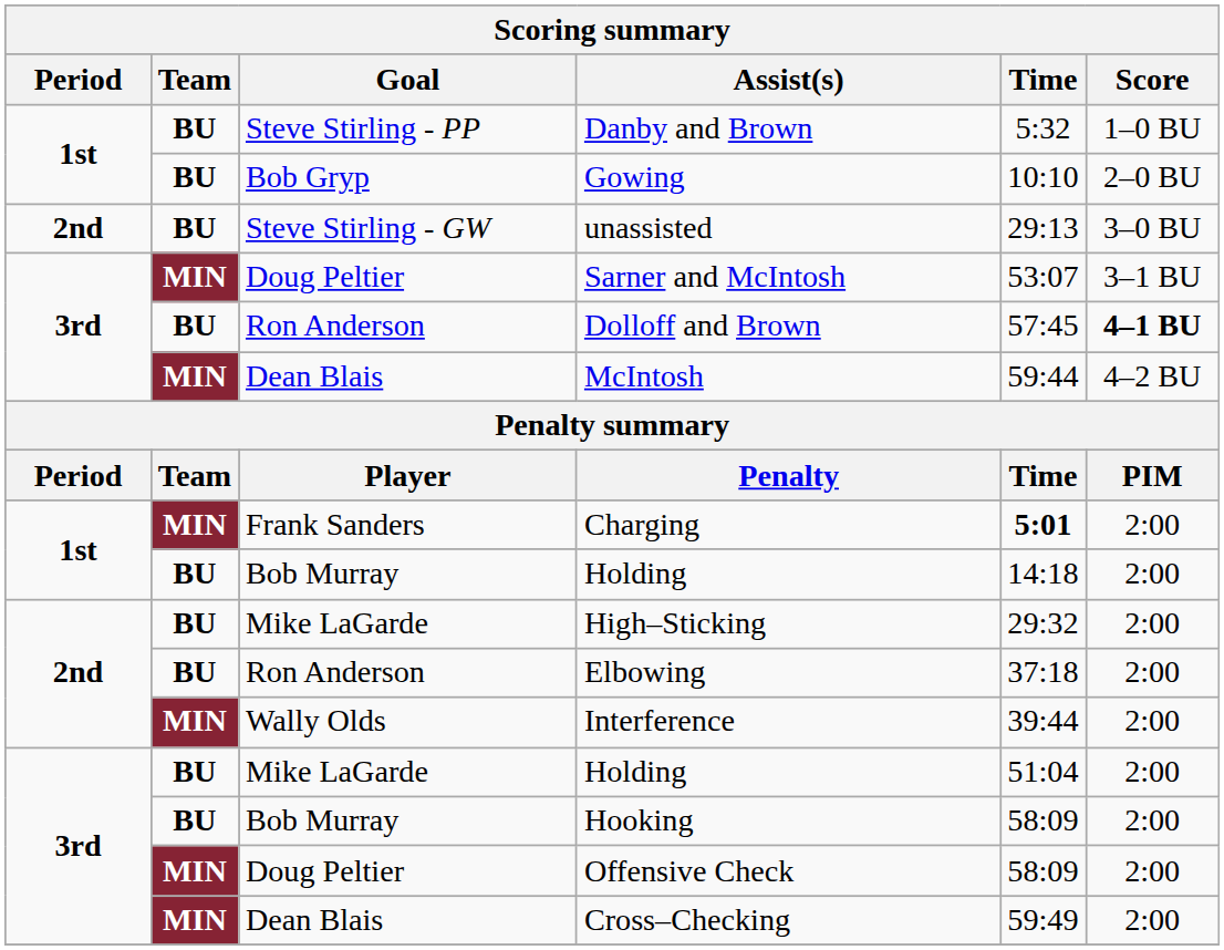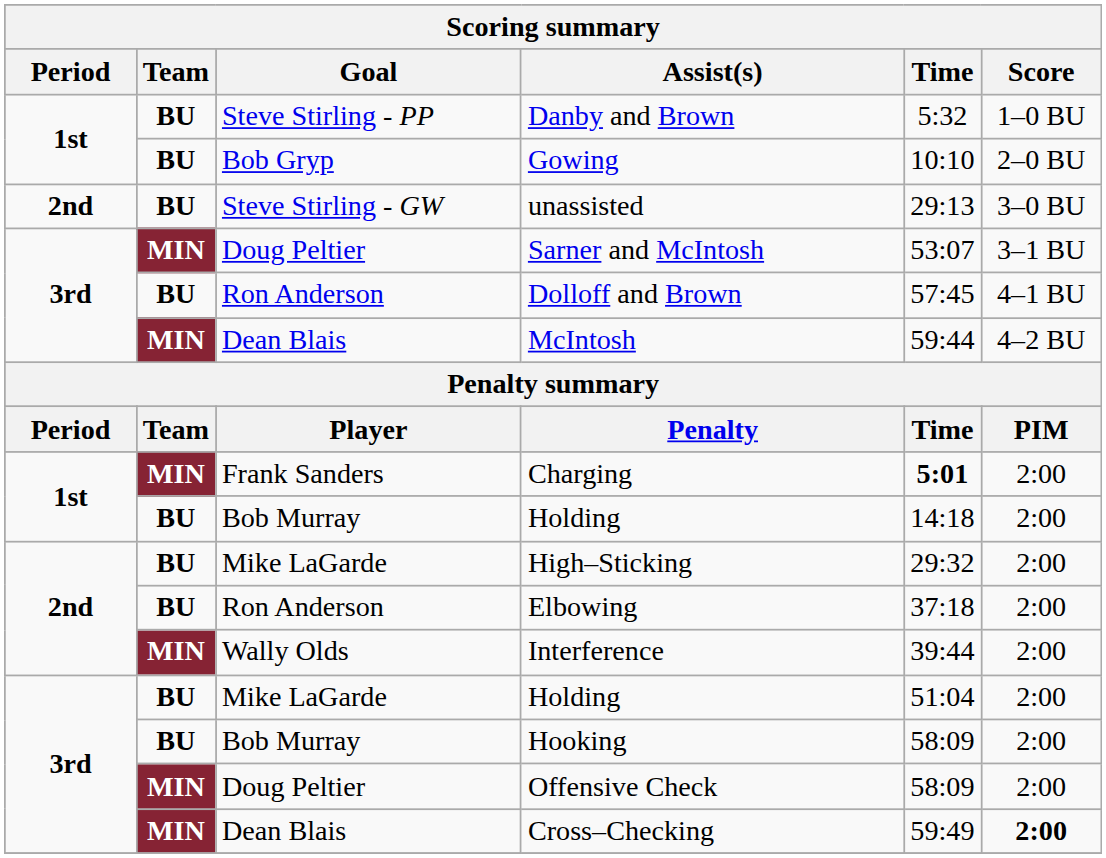 <table style="width:100%;" class="wikitable">
 <tr>
 <th colspan=6>Scoring summary</th>
 </tr>
 <tr>
 <th style="width:12%;">Period</th>
 <th style="width:7%;">Team</th>
 <th style="width:28%;">Goal</th>
 <th style="width:35%;">Assist(s)</th>
 <th style="width:7%;">Time</th>
 <th style="width:11%;">Score</th>
 </tr>
 <tr>
 <td style="text-align:center;" rowspan="2"><strong>1st</strong></td>
 <td align=center><strong>BU</strong></td>
 <td><a href='#'>Steve Stirling</a> - <em>PP</em></td>
 <td><a href='#'>Danby</a> and <a href='#'>Brown</a></td>
 <td align=center>5:32</td>
 <td align=center>1–0 BU</td>
 </tr>
 <tr>
 <td align=center><strong>BU</strong></td>
 <td><a href='#'>Bob Gryp</a></td>
 <td><a href='#'>Gowing</a></td>
 <td align=center>10:10</td>
 <td align=center>2–0 BU</td>
 </tr>
 <tr>
 <td style="text-align:center;" rowspan="1"><strong>2nd</strong></td>
 <td align=center><strong>BU</strong></td>
 <td><a href='#'>Steve Stirling</a> - <em>GW</em></td>
 <td>unassisted</td>
 <td align=center>29:13</td>
 <td align=center>3–0 BU</td>
 </tr>
 <tr>
 <td style="text-align:center;" rowspan="3"><strong>3rd</strong></td>
 <td align=center style="color:white; background:#862334; "><strong>MIN</strong></td>
 <td><a href='#'>Doug Peltier</a></td>
 <td><a href='#'>Sarner</a> and <a href='#'>McIntosh</a></td>
 <td align=center>53:07</td>
 <td align=center>3–1 BU</td>
 </tr>
 <tr>
 <td align=center><strong>BU</strong></td>
 <td><a href='#'>Ron Anderson</a></td>
 <td><a href='#'>Dolloff</a> and <a href='#'>Brown</a></td>
 <td align=center>57:45</td>
-<td align=center><strong>4–1 BU</strong></td>
+<td align=center>4–1 BU</td>
 </tr>
 <tr>
 <td align=center style="color:white; background:#862334; "><strong>MIN</strong></td>
 <td><a href='#'>Dean Blais</a></td>
 <td><a href='#'>McIntosh</a></td>
 <td align=center>59:44</td>
 <td align=center>4–2 BU</td>
 </tr>
 <tr>
 <th colspan=6>Penalty summary</th>
 </tr>
 <tr>
 <th style="width:12%;">Period</th>
 <th style="width:7%;">Team</th>
 <th style="width:28%;">Player</th>
 <th style="width:35%;"><a href='#'>Penalty</a></th>
 <th style="width:7%;">Time</th>
 <th style="width:11%;">PIM</th>
 </tr>
 <tr>
 <td style="text-align:center;" rowspan="2"><strong>1st</strong></td>
 <td align=center style="color:white; background:#862334; "><strong>MIN</strong></td>
 <td>Frank Sanders</td>
 <td>Charging</td>
 <td align=center><strong>5:01</strong></td>
 <td align=center>2:00</td>
 </tr>
 <tr>
 <td align=center><strong>BU</strong></td>
 <td>Bob Murray</td>
 <td>Holding</td>
 <td align=center>14:18</td>
 <td align=center>2:00</td>
 </tr>
 <tr>
 <td style="text-align:center;" rowspan="3"><strong>2nd</strong></td>
 <td align=center><strong>BU</strong></td>
 <td>Mike LaGarde</td>
 <td>High–Sticking</td>
 <td align=center>29:32</td>
 <td align=center>2:00</td>
 </tr>
 <tr>
 <td align=center><strong>BU</strong></td>
 <td>Ron Anderson</td>
 <td>Elbowing</td>
 <td align=center>37:18</td>
 <td align=center>2:00</td>
 </tr>
 <tr>
 <td align=center style="color:white; background:#862334; "><strong>MIN</strong></td>
 <td>Wally Olds</td>
 <td>Interference</td>
 <td align=center>39:44</td>
 <td align=center>2:00</td>
 </tr>
 <tr>
 <td style="text-align:center;" rowspan="4"><strong>3rd</strong></td>
 <td align=center><strong>BU</strong></td>
 <td>Mike LaGarde</td>
 <td>Holding</td>
 <td align=center>51:04</td>
 <td align=center>2:00</td>
 </tr>
 <tr>
 <td align=center><strong>BU</strong></td>
 <td>Bob Murray</td>
 <td>Hooking</td>
 <td align=center>58:09</td>
 <td align=center>2:00</td>
 </tr>
 <tr>
 <td align=center style="color:white; background:#862334; "><strong>MIN</strong></td>
 <td>Doug Peltier</td>
 <td>Offensive Check</td>
 <td align=center>58:09</td>
 <td align=center>2:00</td>
 </tr>
 <tr>
 <td align=center style="color:white; background:#862334; "><strong>MIN</strong></td>
 <td>Dean Blais</td>
 <td>Cross–Checking</td>
 <td align=center>59:49</td>
-<td align=center>2:00</td>
+<td align=center><strong>2:00</strong></td>
 </tr>
 <tr>
 </tr>
 </table>
